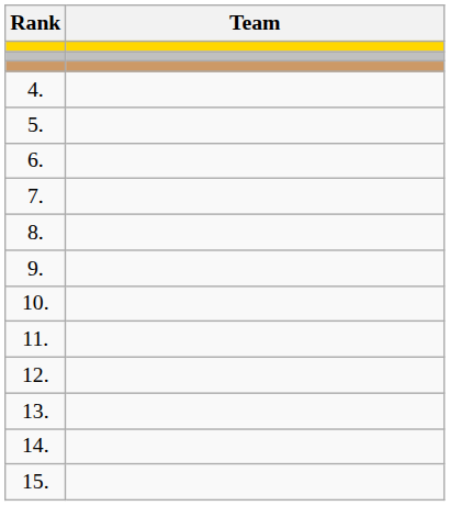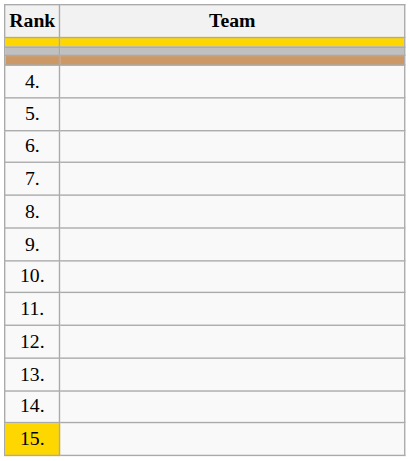 <table class="wikitable" style="border-collapse: collapse; font-size: 90%;">
 <tr>
 <th>Rank</th>
 <th align="left" style="width: 17em">Team</th>
 </tr>
 <tr bgcolor=gold>
 <td align="center"></td>
 <td></td>
 </tr>
 <tr bgcolor=silver>
 <td align="center"></td>
 <td></td>
 </tr>
 <tr bgcolor=cc9966>
 <td align="center"></td>
 <td></td>
 </tr>
 <tr>
 <td align="center">4.</td>
 <td></td>
 </tr>
 <tr>
 <td align="center">5.</td>
 <td></td>
 </tr>
 <tr>
 <td align="center">6.</td>
 <td></td>
 </tr>
 <tr>
 <td align="center">7.</td>
 <td></td>
 </tr>
 <tr>
 <td align="center">8.</td>
 <td></td>
 </tr>
 <tr>
 <td align="center">9.</td>
 <td></td>
 </tr>
 <tr>
 <td align="center">10.</td>
 <td></td>
 </tr>
 <tr>
 <td align="center">11.</td>
 <td></td>
 </tr>
 <tr>
 <td align="center">12.</td>
 <td></td>
 </tr>
 <tr>
 <td align="center">13.</td>
 <td></td>
 </tr>
 <tr>
 <td align="center">14.</td>
 <td></td>
 </tr>
 <tr>
-<td align="center">15.</td>
+<td align="center" style="background: gold;">15.</td>
 <td></td>
 </tr>
 </table>
